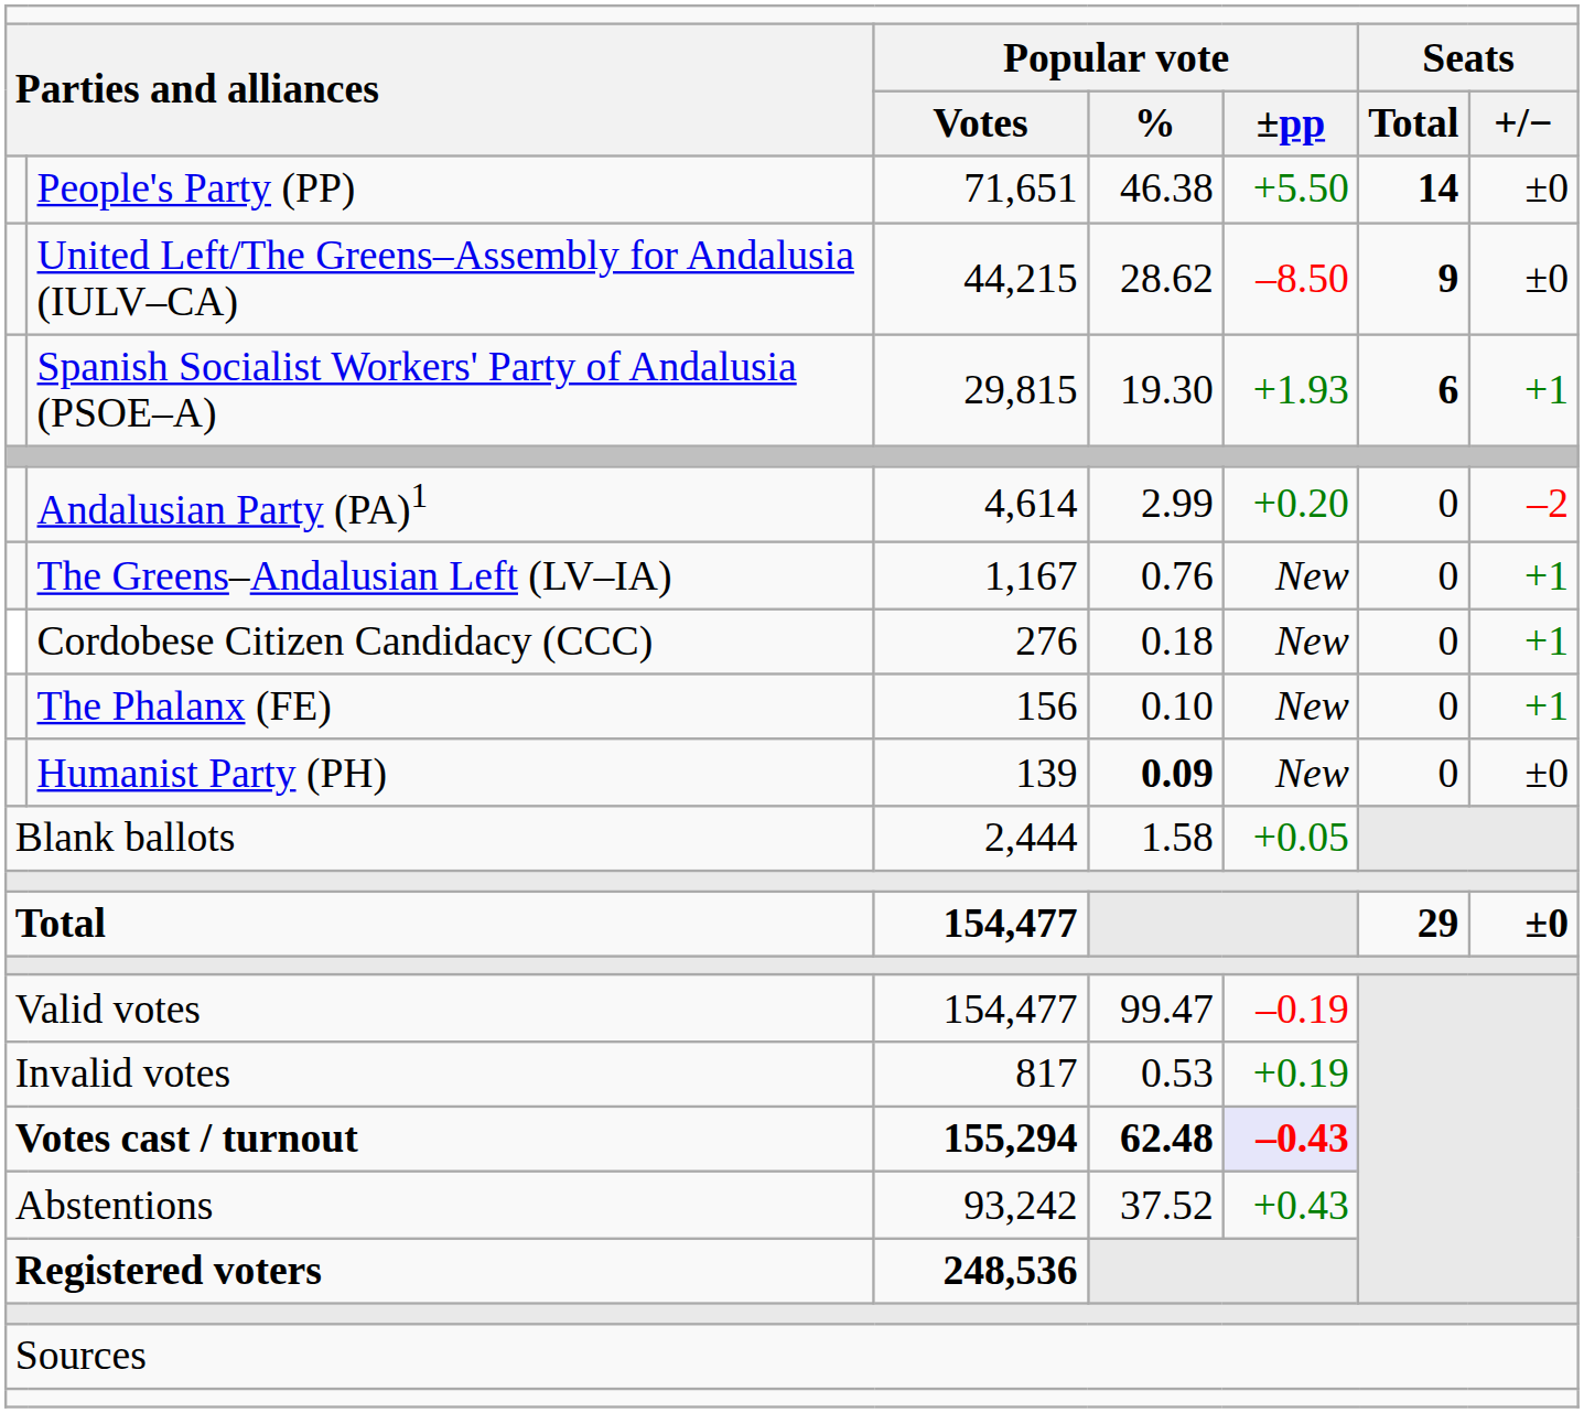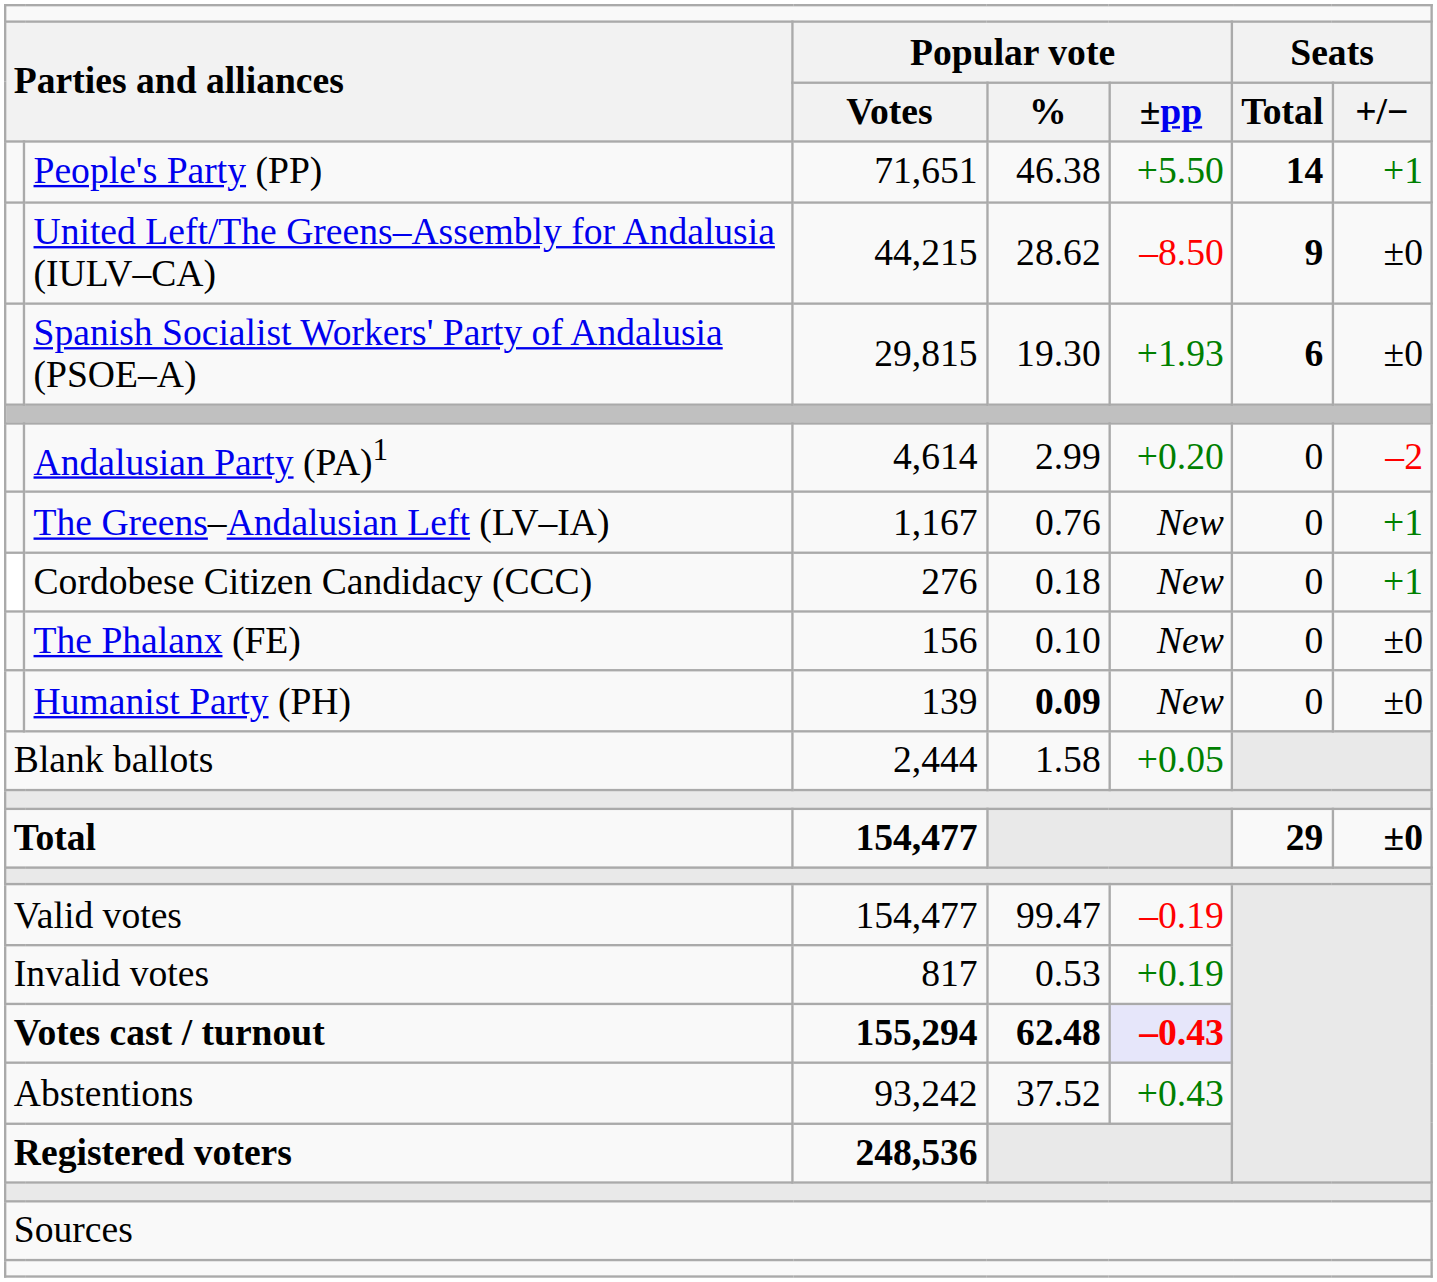 <table class="wikitable" style="text-align:right;">
 <tr>
 <td colspan="7"></td>
 </tr>
 <tr>
 <th style="text-align:left;" rowspan="2" colspan="2" width="525">Parties and alliances</th>
 <th colspan="3">Popular vote</th>
 <th colspan="2">Seats</th>
 </tr>
 <tr>
 <th width="75">Votes</th>
 <th width="45">%</th>
 <th width="45">±<a href='#'>pp</a></th>
 <th width="35">Total</th>
 <th width="35">+/−</th>
 </tr>
 <tr>
 <td width="1" style="color:inherit;background:"></td>
 <td align="left"><a href='#'>People's Party</a> (PP)</td>
 <td>71,651</td>
 <td>46.38</td>
 <td style="color:green;">+5.50</td>
 <td><strong>14</strong></td>
-<td>±0</td>
+<td style="color:green;">+1</td>
 </tr>
 <tr>
 <td style="color:inherit;background:"></td>
 <td align="left"><a href='#'>United Left/The Greens–Assembly for Andalusia</a> (IULV–CA)</td>
 <td>44,215</td>
 <td>28.62</td>
 <td style="color:red;">–8.50</td>
 <td><strong>9</strong></td>
 <td>±0</td>
 </tr>
 <tr>
 <td style="color:inherit;background:"></td>
 <td align="left"><a href='#'>Spanish Socialist Workers' Party of Andalusia</a> (PSOE–A)</td>
 <td>29,815</td>
 <td>19.30</td>
 <td style="color:green;">+1.93</td>
 <td><strong>6</strong></td>
-<td style="color:green;">+1</td>
+<td>±0</td>
 </tr>
 <tr>
 <td colspan="7" bgcolor="#C0C0C0"></td>
 </tr>
 <tr>
 <td style="color:inherit;background:"></td>
 <td align="left"><a href='#'>Andalusian Party</a> (PA)<sup>1</sup></td>
 <td>4,614</td>
 <td>2.99</td>
 <td style="color:green;">+0.20</td>
 <td>0</td>
 <td style="color:red;">–2</td>
 </tr>
 <tr>
 <td style="color:inherit;background:"></td>
 <td align="left"><a href='#'>The Greens</a>–<a href='#'>Andalusian Left</a> (LV–IA)</td>
 <td>1,167</td>
 <td>0.76</td>
 <td><em>New</em></td>
 <td>0</td>
 <td style="color:green;">+1</td>
 </tr>
 <tr>
 <td bgcolor="white"></td>
 <td align="left">Cordobese Citizen Candidacy (CCC)</td>
 <td>276</td>
 <td>0.18</td>
 <td><em>New</em></td>
 <td>0</td>
 <td style="color:green;">+1</td>
 </tr>
 <tr>
 <td style="color:inherit;background:"></td>
 <td align="left"><a href='#'>The Phalanx</a> (FE)</td>
 <td>156</td>
 <td>0.10</td>
 <td><em>New</em></td>
 <td>0</td>
-<td style="color:green;">+1</td>
+<td>±0</td>
 </tr>
 <tr>
 <td style="color:inherit;background:"></td>
 <td align="left"><a href='#'>Humanist Party</a> (PH)</td>
 <td>139</td>
 <td><strong>0.09</strong></td>
 <td><em>New</em></td>
 <td>0</td>
 <td>±0</td>
 </tr>
 <tr>
 <td align="left" colspan="2">Blank ballots</td>
 <td>2,444</td>
 <td>1.58</td>
 <td style="color:green;">+0.05</td>
 <td bgcolor="#E9E9E9" colspan="2"></td>
 </tr>
 <tr>
 <td colspan="7" bgcolor="#E9E9E9"></td>
 </tr>
 <tr style="font-weight:bold;">
 <td align="left" colspan="2">Total</td>
 <td>154,477</td>
 <td bgcolor="#E9E9E9" colspan="2"></td>
 <td>29</td>
 <td>±0</td>
 </tr>
 <tr>
 <td colspan="7" bgcolor="#E9E9E9"></td>
 </tr>
 <tr>
 <td align="left" colspan="2">Valid votes</td>
 <td>154,477</td>
 <td>99.47</td>
 <td style="color:red;">–0.19</td>
 <td bgcolor="#E9E9E9" colspan="2" rowspan="5"></td>
 </tr>
 <tr>
 <td align="left" colspan="2">Invalid votes</td>
 <td>817</td>
 <td>0.53</td>
 <td style="color:green;">+0.19</td>
 </tr>
 <tr style="font-weight:bold;">
 <td align="left" colspan="2">Votes cast / turnout</td>
 <td>155,294</td>
 <td>62.48</td>
 <td style="background: lavender; color:red;">–0.43</td>
 </tr>
 <tr>
 <td align="left" colspan="2">Abstentions</td>
 <td>93,242</td>
 <td>37.52</td>
 <td style="color:green;">+0.43</td>
 </tr>
 <tr style="font-weight:bold;">
 <td align="left" colspan="2">Registered voters</td>
 <td>248,536</td>
 <td bgcolor="#E9E9E9" colspan="2"></td>
 </tr>
 <tr>
 <td colspan="7" bgcolor="#E9E9E9"></td>
 </tr>
 <tr>
 <td align="left" colspan="7">Sources</td>
 </tr>
 <tr>
 <td colspan="7" style="text-align:left; max-width:790px;"></td>
 </tr>
 </table>
